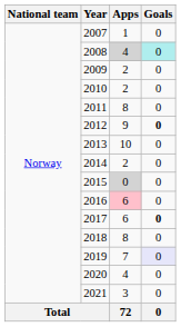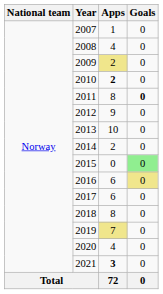 <table class="wikitable" style="text-align:center">
 <tr>
 <th>National team</th>
 <th>Year</th>
 <th>Apps</th>
 <th>Goals</th>
 </tr>
 <tr>
 <td rowspan="15"><a href='#'>Norway</a></td>
 <td>2007</td>
 <td>1</td>
 <td>0</td>
 </tr>
 <tr>
 <td>2008</td>
-<td style="background: lightgrey;">4</td>
-<td style="background: paleturquoise;">0</td>
+<td>4</td>
+<td>0</td>
 </tr>
 <tr>
 <td>2009</td>
-<td>2</td>
+<td style="background: khaki;">2</td>
 <td>0</td>
 </tr>
 <tr>
 <td>2010</td>
-<td>2</td>
+<td><strong>2</strong></td>
 <td>0</td>
 </tr>
 <tr>
 <td>2011</td>
 <td>8</td>
-<td>0</td>
+<td><strong>0</strong></td>
 </tr>
 <tr>
 <td>2012</td>
 <td>9</td>
-<td><strong>0</strong></td>
+<td>0</td>
 </tr>
 <tr>
 <td>2013</td>
 <td>10</td>
 <td>0</td>
 </tr>
 <tr>
 <td>2014</td>
 <td>2</td>
 <td>0</td>
 </tr>
 <tr>
 <td>2015</td>
-<td style="background: lightgrey;">0</td>
 <td>0</td>
+<td style="background: lightgreen;">0</td>
 </tr>
 <tr>
 <td>2016</td>
-<td style="background: pink;">6</td>
-<td>0</td>
+<td>6</td>
+<td style="background: khaki;">0</td>
 </tr>
 <tr>
 <td>2017</td>
 <td>6</td>
-<td><strong>0</strong></td>
+<td>0</td>
 </tr>
 <tr>
 <td>2018</td>
 <td>8</td>
 <td>0</td>
 </tr>
 <tr>
 <td>2019</td>
-<td>7</td>
-<td style="background: lavender;">0</td>
+<td style="background: khaki;">7</td>
+<td>0</td>
 </tr>
 <tr>
 <td>2020</td>
 <td>4</td>
 <td>0</td>
 </tr>
 <tr>
 <td>2021</td>
-<td>3</td>
+<td><strong>3</strong></td>
 <td>0</td>
 </tr>
 <tr>
 <th colspan="2">Total</th>
 <th>72</th>
 <th>0</th>
 </tr>
 </table>
